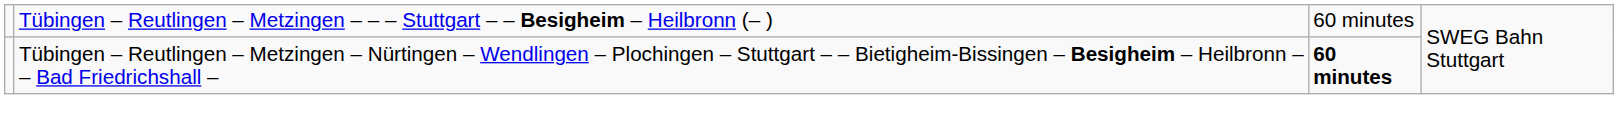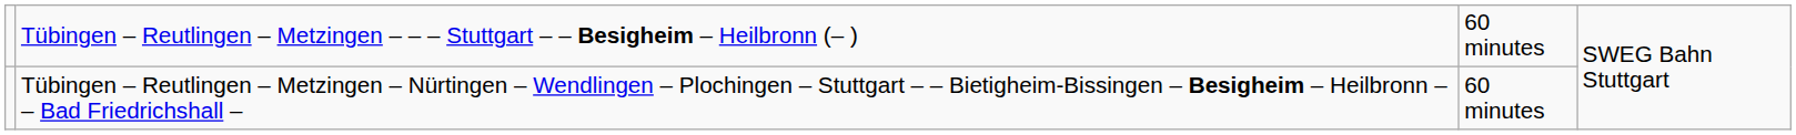 <table class="wikitable">
 <tr>
 <td></td>
 <td><a href='#'>Tübingen</a> – <a href='#'>Reutlingen</a> – <a href='#'>Metzingen</a> –  –  – <a href='#'>Stuttgart</a> –  – <strong>Besigheim</strong> – <a href='#'>Heilbronn</a> (– )</td>
 <td>60 minutes</td>
 <td rowspan=2>SWEG Bahn Stuttgart</td>
 </tr>
 <tr>
 <td></td>
 <td>Tübingen – Reutlingen – Metzingen – Nürtingen – <a href='#'>Wendlingen</a> – Plochingen – Stuttgart –  – Bietigheim-Bissingen – <strong>Besigheim</strong> – Heilbronn –  – <a href='#'>Bad Friedrichshall</a> – </td>
-<td><strong>60 minutes</strong></td>
+<td>60 minutes</td>
 </tr>
 </table>
